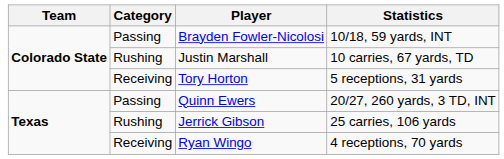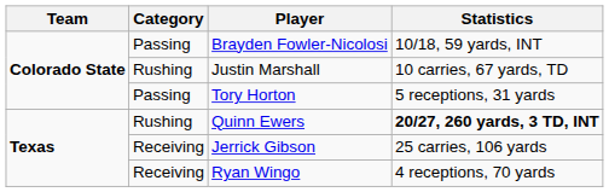 <table class="wikitable" style="float: right;">
 <tr>
 <th>Team</th>
 <th>Category</th>
 <th>Player</th>
 <th>Statistics</th>
 </tr>
 <tr>
 <td rowspan=3><strong>Colorado State</strong></td>
 <td>Passing</td>
 <td><a href='#'>Brayden Fowler-Nicolosi</a></td>
 <td>10/18, 59 yards, INT</td>
 </tr>
 <tr>
 <td>Rushing</td>
 <td>Justin Marshall</td>
 <td>10 carries, 67 yards, TD</td>
 </tr>
 <tr>
-<td>Receiving</td>
+<td>Passing</td>
 <td><a href='#'>Tory Horton</a></td>
 <td>5 receptions, 31 yards</td>
 </tr>
 <tr>
 <td rowspan=3><strong>Texas</strong></td>
-<td>Passing</td>
+<td>Rushing</td>
 <td><a href='#'>Quinn Ewers</a></td>
-<td>20/27, 260 yards, 3 TD, INT</td>
+<td><strong>20/27, 260 yards, 3 TD, INT</strong></td>
 </tr>
 <tr>
-<td>Rushing</td>
+<td>Receiving</td>
 <td><a href='#'>Jerrick Gibson</a></td>
 <td>25 carries, 106 yards</td>
 </tr>
 <tr>
 <td>Receiving</td>
 <td><a href='#'>Ryan Wingo</a></td>
 <td>4 receptions, 70 yards</td>
 </tr>
 </table>
